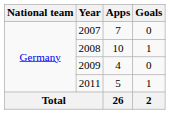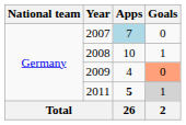 <table class="wikitable" style="text-align:center">
 <tr>
 <th>National team</th>
 <th>Year</th>
 <th>Apps</th>
 <th>Goals</th>
 </tr>
 <tr>
 <td rowspan="4"><a href='#'>Germany</a></td>
 <td>2007</td>
-<td>7</td>
+<td style="background: lightblue;">7</td>
 <td>0</td>
 </tr>
 <tr>
 <td>2008</td>
 <td>10</td>
 <td>1</td>
 </tr>
 <tr>
 <td>2009</td>
 <td>4</td>
-<td>0</td>
+<td style="background: lightsalmon;">0</td>
 </tr>
 <tr>
 <td>2011</td>
-<td>5</td>
-<td>1</td>
+<td><strong>5</strong></td>
+<td style="background: lightgrey;">1</td>
 </tr>
 <tr>
 <th colspan="2">Total</th>
 <th>26</th>
 <th>2</th>
 </tr>
 </table>
